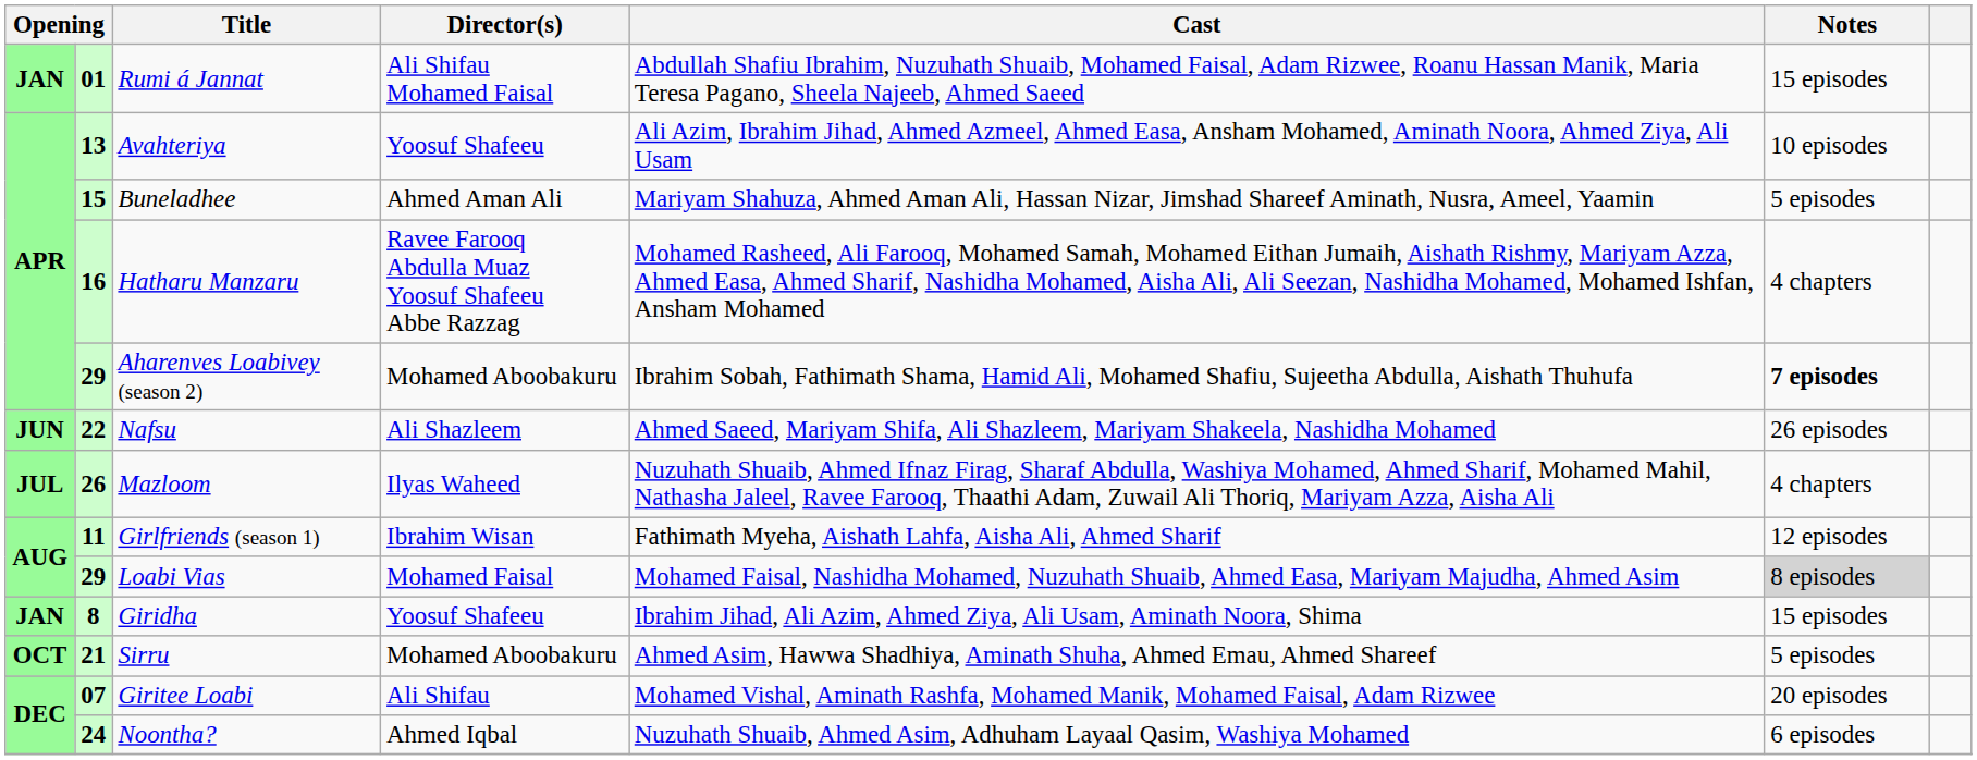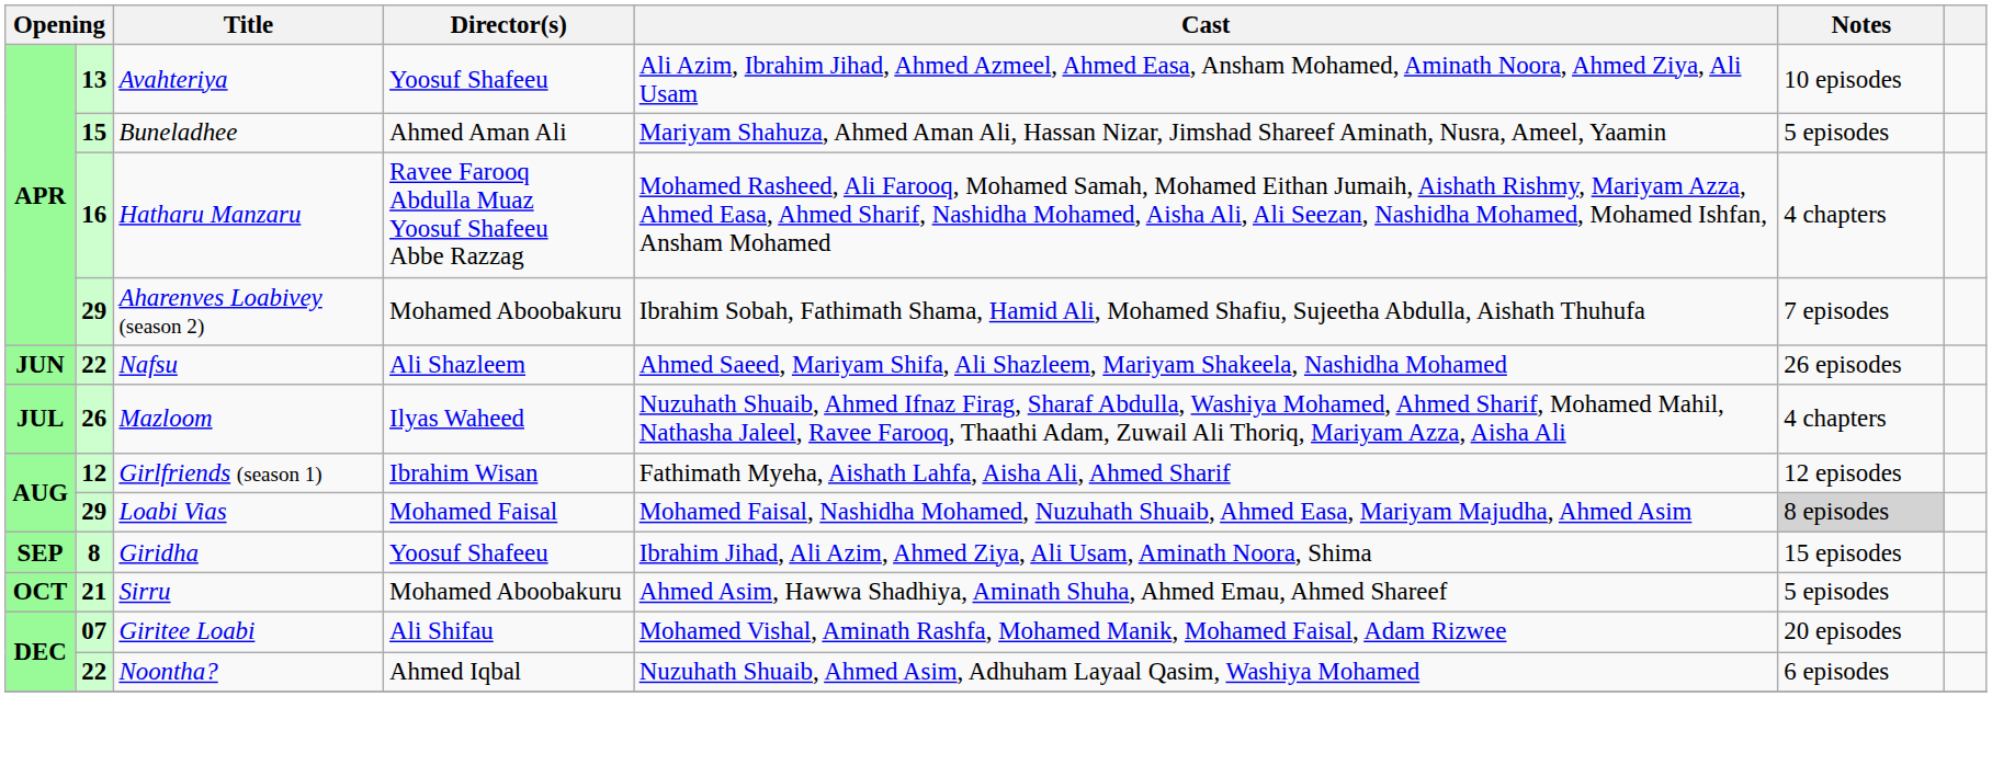 <table class="wikitable plainrowheaders" width="100%">
 <tr>
 <th scope="col" colspan="2" width=4%>Opening</th>
 <th scope="col" width=13%>Title</th>
 <th scope="col" width=12%>Director(s)</th>
 <th scope="col" width=55%>Cast</th>
 <th scope="col" width=8%>Notes</th>
 <th scope="col" width=2%></th>
-</tr>
-<tr>
-<td style="text-align:center; background:#98fb98; textcolor:#000;"><strong>JAN</strong></td>
-<td style="text-align:center; textcolor:#000; background:#cdfecd;"><strong>01</strong></td>
-<td><em><a href='#'>Rumi á Jannat</a></em></td>
-<td><a href='#'>Ali Shifau</a><br><a href='#'>Mohamed Faisal</a></td>
-<td><a href='#'>Abdullah Shafiu Ibrahim</a>, <a href='#'>Nuzuhath Shuaib</a>, <a href='#'>Mohamed Faisal</a>, <a href='#'>Adam Rizwee</a>, <a href='#'>Roanu Hassan Manik</a>, Maria Teresa Pagano, <a href='#'>Sheela Najeeb</a>, <a href='#'>Ahmed Saeed</a></td>
-<td>15 episodes</td>
-<td style="text-align: center;"></td>
 </tr>
 <tr>
 <td style="text-align:center; background:#98fb98; textcolor:#000;" rowspan="4"><strong>APR</strong></td>
 <td style="text-align:center; textcolor:#000; background:#cdfecd;"><strong>13</strong></td>
 <td><em><a href='#'>Avahteriya</a></em></td>
 <td><a href='#'>Yoosuf Shafeeu</a></td>
 <td><a href='#'>Ali Azim</a>, <a href='#'>Ibrahim Jihad</a>, <a href='#'>Ahmed Azmeel</a>, <a href='#'>Ahmed Easa</a>, Ansham Mohamed, <a href='#'>Aminath Noora</a>, <a href='#'>Ahmed Ziya</a>, <a href='#'>Ali Usam</a></td>
 <td>10 episodes</td>
 <td style="text-align: center;"></td>
 </tr>
 <tr>
 <td style="text-align:center; textcolor:#000; background:#cdfecd;"><strong>15</strong></td>
 <td><em>Buneladhee</em></td>
 <td>Ahmed Aman Ali</td>
 <td><a href='#'>Mariyam Shahuza</a>, Ahmed Aman Ali, Hassan Nizar, Jimshad Shareef Aminath, Nusra, Ameel, Yaamin</td>
 <td>5 episodes</td>
 <td style="text-align: center;"></td>
 </tr>
 <tr>
 <td style="text-align:center; textcolor:#000; background:#cdfecd;"><strong>16</strong></td>
 <td><em><a href='#'>Hatharu Manzaru</a></em></td>
 <td><a href='#'>Ravee Farooq</a><br><a href='#'>Abdulla Muaz</a><br><a href='#'>Yoosuf Shafeeu</a><br>Abbe Razzag</td>
 <td><a href='#'>Mohamed Rasheed</a>, <a href='#'>Ali Farooq</a>, Mohamed Samah, Mohamed Eithan Jumaih, <a href='#'>Aishath Rishmy</a>, <a href='#'>Mariyam Azza</a>, <a href='#'>Ahmed Easa</a>, <a href='#'>Ahmed Sharif</a>, <a href='#'>Nashidha Mohamed</a>, <a href='#'>Aisha Ali</a>, <a href='#'>Ali Seezan</a>, <a href='#'>Nashidha Mohamed</a>, Mohamed Ishfan, Ansham Mohamed</td>
 <td>4 chapters</td>
 <td style="text-align: center;"><br><br></td>
 </tr>
 <tr>
 <td style="text-align:center; textcolor:#000; background:#cdfecd;"><strong>29</strong></td>
 <td><em><a href='#'>Aharenves Loabivey</a></em> <small>(season 2)</small></td>
 <td>Mohamed Aboobakuru</td>
 <td>Ibrahim Sobah, Fathimath Shama, <a href='#'>Hamid Ali</a>, Mohamed Shafiu, Sujeetha Abdulla, Aishath Thuhufa</td>
-<td><strong>7 episodes</strong></td>
+<td>7 episodes</td>
 <td style="text-align:center;"></td>
 </tr>
 <tr>
 <td style="text-align:center; background:#98fb98; textcolor:#000;"><strong>JUN</strong></td>
 <td style="text-align:center; textcolor:#000; background:#cdfecd;"><strong>22</strong></td>
 <td><em><a href='#'>Nafsu</a></em></td>
 <td><a href='#'>Ali Shazleem</a></td>
 <td><a href='#'>Ahmed Saeed</a>, <a href='#'>Mariyam Shifa</a>, <a href='#'>Ali Shazleem</a>, <a href='#'>Mariyam Shakeela</a>, <a href='#'>Nashidha Mohamed</a></td>
 <td>26 episodes</td>
 <td style="text-align: center;"></td>
 </tr>
 <tr>
 <td style="text-align:center; background:#98fb98; textcolor:#000;"><strong>JUL</strong></td>
 <td style="text-align:center; textcolor:#000; background:#cdfecd;"><strong>26</strong></td>
 <td><em><a href='#'>Mazloom</a></em></td>
 <td><a href='#'>Ilyas Waheed</a></td>
 <td><a href='#'>Nuzuhath Shuaib</a>, <a href='#'>Ahmed Ifnaz Firag</a>, <a href='#'>Sharaf Abdulla</a>, <a href='#'>Washiya Mohamed</a>, <a href='#'>Ahmed Sharif</a>, Mohamed Mahil, <a href='#'>Nathasha Jaleel</a>, <a href='#'>Ravee Farooq</a>, Thaathi Adam, Zuwail Ali Thoriq, <a href='#'>Mariyam Azza</a>, <a href='#'>Aisha Ali</a></td>
 <td>4 chapters</td>
 <td style="text-align:center;"></td>
 </tr>
 <tr>
 <td rowspan="2" style="text-align:center; background:#98fb98; textcolor:#000;"><strong>AUG</strong></td>
-<td style="text-align:center; textcolor:#000; background:#cdfecd;"><strong>11</strong></td>
+<td style="text-align:center; textcolor:#000; background:#cdfecd;"><strong>12</strong></td>
 <td><em><a href='#'>Girlfriends</a></em> <small>(season 1)</small></td>
 <td><a href='#'>Ibrahim Wisan</a></td>
 <td>Fathimath Myeha, <a href='#'>Aishath Lahfa</a>, <a href='#'>Aisha Ali</a>, <a href='#'>Ahmed Sharif</a></td>
 <td>12 episodes</td>
 <td style="text-align: center;"></td>
 </tr>
 <tr>
 <td style="text-align:center; textcolor:#000; background:#cdfecd;"><strong>29</strong></td>
 <td><em><a href='#'>Loabi Vias</a></em></td>
 <td><a href='#'>Mohamed Faisal</a></td>
 <td><a href='#'>Mohamed Faisal</a>, <a href='#'>Nashidha Mohamed</a>, <a href='#'>Nuzuhath Shuaib</a>, <a href='#'>Ahmed Easa</a>, <a href='#'>Mariyam Majudha</a>, <a href='#'>Ahmed Asim</a></td>
 <td style="background: lightgrey;">8 episodes</td>
 <td style="text-align:center;"></td>
 </tr>
 <tr>
-<td style="text-align:center; background:#98fb98; textcolor:#000;"><strong>JAN</strong></td>
+<td style="text-align:center; background:#98fb98; textcolor:#000;"><strong>SEP</strong></td>
 <td style="text-align:center; textcolor:#000; background:#cdfecd;"><strong>8</strong></td>
 <td><em><a href='#'>Giridha</a></em></td>
 <td><a href='#'>Yoosuf Shafeeu</a></td>
 <td><a href='#'>Ibrahim Jihad</a>, <a href='#'>Ali Azim</a>, <a href='#'>Ahmed Ziya</a>, <a href='#'>Ali Usam</a>, <a href='#'>Aminath Noora</a>, Shima</td>
 <td>15 episodes</td>
 <td style="text-align:center;"></td>
 </tr>
 <tr>
 <td style="text-align:center; background:#98fb98; textcolor:#000;"><strong>OCT</strong></td>
 <td style="text-align:center; textcolor:#000; background:#cdfecd;"><strong>21</strong></td>
 <td><em><a href='#'>Sirru</a></em></td>
 <td>Mohamed Aboobakuru</td>
 <td><a href='#'>Ahmed Asim</a>, Hawwa Shadhiya, <a href='#'>Aminath Shuha</a>, Ahmed Emau, Ahmed Shareef</td>
 <td>5 episodes</td>
 <td style="text-align:center;"></td>
 </tr>
 <tr>
 <td rowspan="2" style="text-align:center; background:#98fb98; textcolor:#000;"><strong>DEC</strong></td>
 <td style="text-align:center; textcolor:#000; background:#cdfecd;"><strong>07</strong></td>
 <td><em><a href='#'>Giritee Loabi</a></em></td>
 <td><a href='#'>Ali Shifau</a></td>
 <td><a href='#'>Mohamed Vishal</a>, <a href='#'>Aminath Rashfa</a>, <a href='#'>Mohamed Manik</a>, <a href='#'>Mohamed Faisal</a>, <a href='#'>Adam Rizwee</a></td>
 <td>20 episodes</td>
 <td style="text-align:center;"></td>
 </tr>
 <tr>
-<td style="text-align:center; textcolor:#000; background:#cdfecd;"><strong>24</strong></td>
+<td style="text-align:center; textcolor:#000; background:#cdfecd;"><strong>22</strong></td>
 <td><em><a href='#'>Noontha?</a></em></td>
 <td>Ahmed Iqbal</td>
 <td><a href='#'>Nuzuhath Shuaib</a>, <a href='#'>Ahmed Asim</a>, Adhuham Layaal Qasim, <a href='#'>Washiya Mohamed</a></td>
 <td>6 episodes</td>
 <td style="text-align:center;"></td>
 </tr>
 <tr>
 </tr>
 </table>
